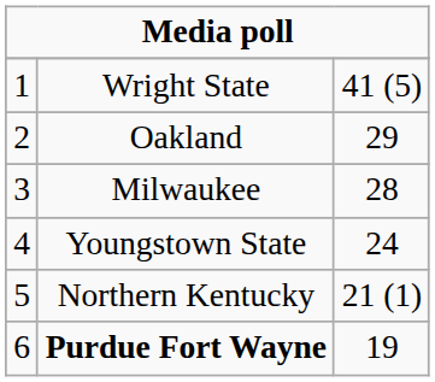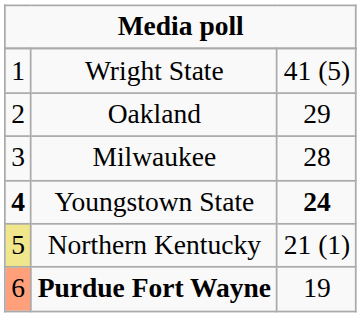 <table class="wikitable" style="display: inline-table;">
 <tr>
 <td align="center" Colspan="3"><strong>Media poll</strong></td>
 </tr>
 <tr align="center">
 </tr>
 <tr align="center">
 <td>1</td>
 <td>Wright State</td>
 <td>41 (5)</td>
 </tr>
 <tr align="center">
 <td>2</td>
 <td>Oakland</td>
 <td>29</td>
 </tr>
 <tr align="center">
 <td>3</td>
 <td>Milwaukee</td>
 <td>28</td>
 </tr>
 <tr align="center">
-<td>4</td>
+<td><strong>4</strong></td>
 <td>Youngstown State</td>
-<td>24</td>
+<td><strong>24</strong></td>
 </tr>
 <tr align="center">
-<td>5</td>
+<td style="background: khaki;">5</td>
 <td>Northern Kentucky</td>
 <td>21 (1)</td>
 </tr>
 <tr align="center">
-<td>6</td>
+<td style="background: lightsalmon;">6</td>
 <td><strong>Purdue Fort Wayne</strong></td>
 <td>19</td>
 </tr>
 </table>
